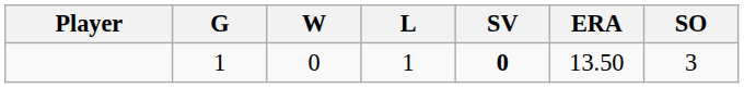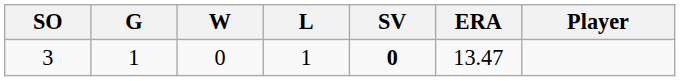 <table class="wikitable sortable">
 <tr>
-<th bgcolor="#DDDDFF" width="16%">Player</th>
+<th bgcolor="#DDDDFF" width="9%">SO</th>
 <th bgcolor="#DDDDFF" width="9%">G</th>
 <th bgcolor="#DDDDFF" width="9%">W</th>
 <th bgcolor="#DDDDFF" width="9%">L</th>
 <th bgcolor="#DDDDFF" width="9%">SV</th>
 <th bgcolor="#DDDDFF" width="9%">ERA</th>
-<th bgcolor="#DDDDFF" width="9%">SO</th>
+<th bgcolor="#DDDDFF" width="16%">Player</th>
 </tr>
 <tr align="center">
-<td></td>
+<td>3</td>
 <td>1</td>
 <td>0</td>
 <td>1</td>
 <td><strong>0</strong></td>
-<td>13.50</td>
-<td>3</td>
+<td>13.47</td>
+<td></td>
 </tr>
 </table>
